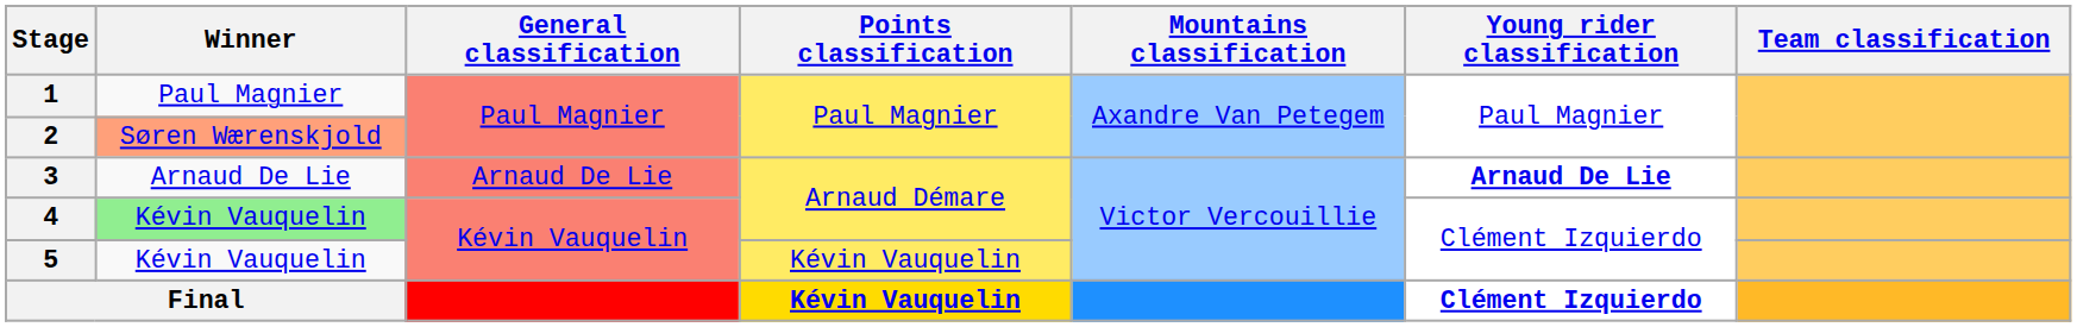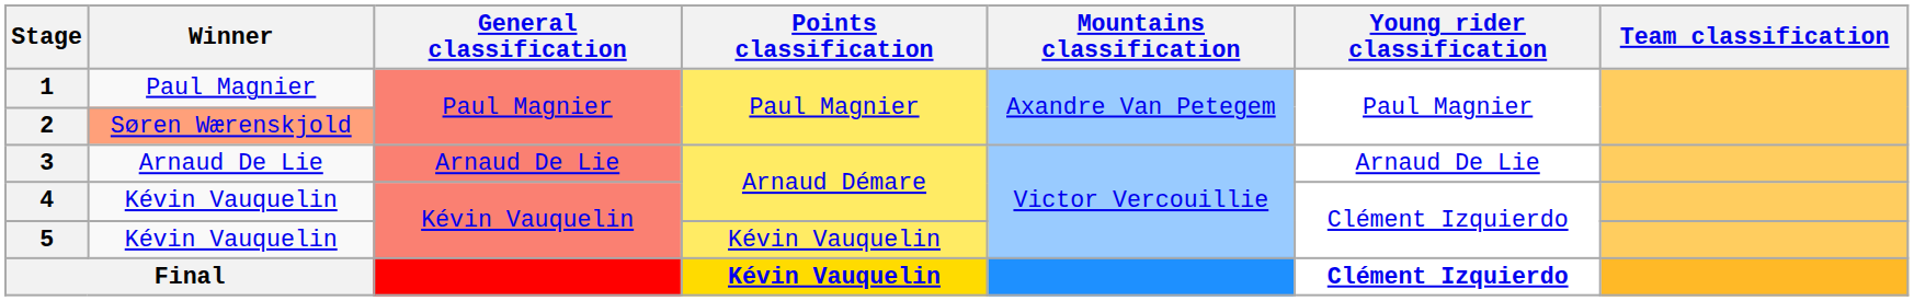 <table class="wikitable" style="text-align: center; font-size:smaller;">
 <tr style="background:#efefef;">
 <th style="width:1%;">Stage</th>
 <th style="width:15.5%;">Winner</th>
 <th style="width:16.5%;"><a href='#'>General classification</a><br></th>
 <th style="width:16.5%;"><a href='#'>Points classification</a><br></th>
 <th style="width:16.5%;"><a href='#'>Mountains classification</a><br></th>
 <th style="width:16.5%;"><a href='#'>Young rider classification</a><br></th>
 <th style="width:16.5%;"><a href='#'>Team classification</a></th>
 </tr>
 <tr>
 <th>1</th>
 <td><a href='#'>Paul Magnier</a></td>
 <td style="background:salmon;" rowspan="2"><a href='#'>Paul Magnier</a></td>
 <td style="background:#FFEB64;" rowspan="2"><a href='#'>Paul Magnier</a></td>
 <td style="background:#99CBFF;" rowspan="2"><a href='#'>Axandre Van Petegem</a></td>
 <td style="background:white;" rowspan="2"><a href='#'>Paul Magnier</a></td>
 <td style="background:#FFCD5F;" rowspan="2"></td>
 </tr>
 <tr>
 <th>2</th>
 <td style="background: lightsalmon;"><a href='#'>Søren Wærenskjold</a></td>
 </tr>
 <tr>
 <th>3</th>
 <td><a href='#'>Arnaud De Lie</a></td>
 <td style="background:salmon;"><a href='#'>Arnaud De Lie</a></td>
 <td style="background:#FFEB64;" rowspan="2"><a href='#'>Arnaud Démare</a></td>
 <td style="background:#99CBFF;" rowspan="3"><a href='#'>Victor Vercouillie</a></td>
-<td style="background:white;"><strong><a href='#'>Arnaud De Lie</a></strong></td>
+<td style="background:white;"><a href='#'>Arnaud De Lie</a></td>
 <td style="background:#FFCD5F;"></td>
 </tr>
 <tr>
 <th>4</th>
-<td style="background: lightgreen;"><a href='#'>Kévin Vauquelin</a></td>
+<td><a href='#'>Kévin Vauquelin</a></td>
 <td style="background:salmon;" rowspan="2"><a href='#'>Kévin Vauquelin</a></td>
 <td style="background:white;" rowspan="2"><a href='#'>Clément Izquierdo</a></td>
 <td style="background:#FFCD5F;"></td>
 </tr>
 <tr>
 <th>5</th>
 <td><a href='#'>Kévin Vauquelin</a></td>
 <td style="background:#FFEB64;"><a href='#'>Kévin Vauquelin</a></td>
 <td style="background:#FFCD5F;"></td>
 </tr>
 <tr>
 <th colspan="2">Final</th>
 <th style="background:red;"></th>
 <th style="background:#FFDB00;"><a href='#'>Kévin Vauquelin</a></th>
 <th style="background:dodgerblue;"></th>
 <th style="background:white;"><a href='#'>Clément Izquierdo</a></th>
 <th style="background:#FFB927;"></th>
 </tr>
 </table>
